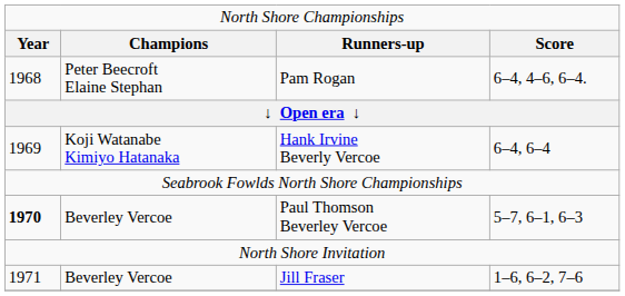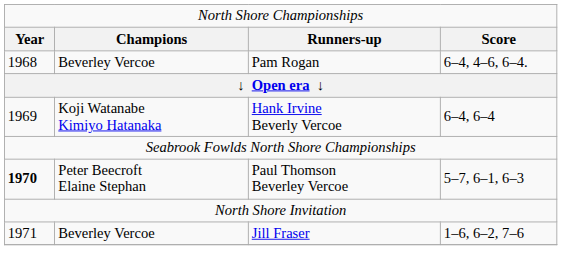 <table class="wikitable">
 <tr>
 <td colspan=4 align=center><em>North Shore Championships</em></td>
 </tr>
 <tr>
 <th style="width:50px">Year</th>
 <th style="width:220px">Champions</th>
 <th style="width:220px">Runners-up</th>
 <th style="width:130px" class="unsortable">Score</th>
 </tr>
 <tr>
 <td>1968</td>
-<td> Peter Beecroft <br> Elaine Stephan</td>
+<td> Beverley Vercoe</td>
 <td> Pam Rogan</td>
 <td>6–4, 4–6, 6–4.</td>
 </tr>
 <tr>
 <th colspan=4 align=center>↓  <a href='#'>Open era</a>  ↓</th>
 </tr>
 <tr>
 <td>1969</td>
 <td> Koji Watanabe<br> <a href='#'>Kimiyo Hatanaka</a></td>
 <td> <a href='#'>Hank Irvine</a><br> Beverly Vercoe</td>
 <td>6–4, 6–4</td>
 </tr>
 <tr>
 <td colspan=4 align=center><em>Seabrook Fowlds North Shore Championships</em></td>
 </tr>
 <tr>
 <td><strong>1970</strong></td>
-<td> Beverley Vercoe</td>
+<td> Peter Beecroft <br> Elaine Stephan</td>
 <td> Paul Thomson<br> Beverley Vercoe</td>
 <td>5–7, 6–1, 6–3</td>
 </tr>
 <tr>
 <td colspan=4 align=center><em>North Shore Invitation</em></td>
 </tr>
 <tr>
 <td>1971</td>
 <td> Beverley Vercoe</td>
 <td> <a href='#'>Jill Fraser</a></td>
 <td>1–6, 6–2, 7–6</td>
 </tr>
 <tr>
 </tr>
 </table>
